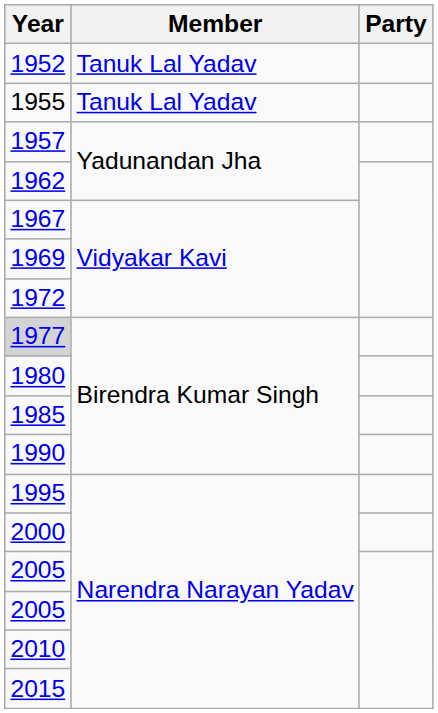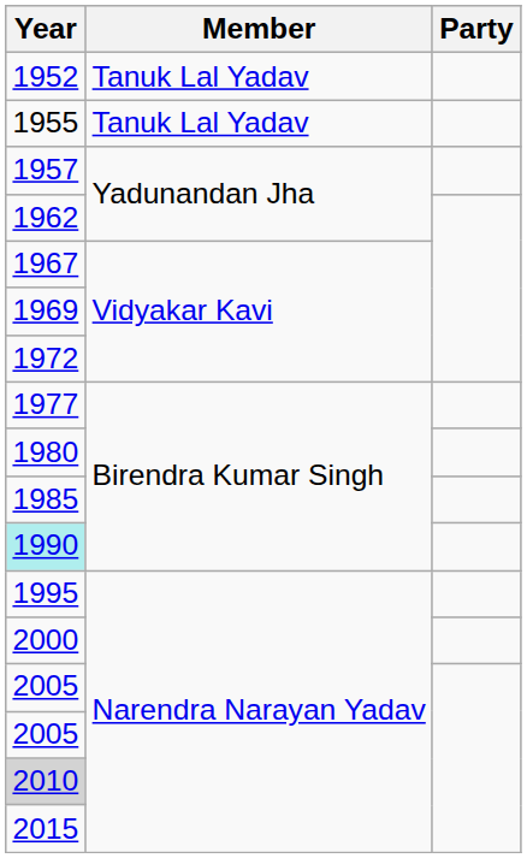 <table class="wikitable">
 <tr>
 <th>Year</th>
 <th>Member</th>
 <th colspan="2">Party</th>
 </tr>
 <tr>
 <td><a href='#'>1952</a></td>
 <td><a href='#'>Tanuk Lal Yadav</a></td>
 <td></td>
 </tr>
 <tr>
 <td>1955</td>
 <td><a href='#'>Tanuk Lal Yadav</a></td>
 </tr>
 <tr>
 <td><a href='#'>1957</a></td>
 <td rowspan="2">Yadunandan Jha</td>
 <td></td>
 </tr>
 <tr>
 <td><a href='#'>1962</a></td>
 </tr>
 <tr>
 <td><a href='#'>1967</a></td>
 <td rowspan="3"><a href='#'>Vidyakar Kavi</a></td>
 </tr>
 <tr>
 <td><a href='#'>1969</a></td>
 </tr>
 <tr>
 <td><a href='#'>1972</a></td>
 </tr>
 <tr>
-<td style="background: lightgrey;"><a href='#'>1977</a></td>
+<td><a href='#'>1977</a></td>
 <td rowspan="4">Birendra Kumar Singh</td>
 <td></td>
 </tr>
 <tr>
 <td><a href='#'>1980</a></td>
 <td></td>
 </tr>
 <tr>
 <td><a href='#'>1985</a></td>
 <td></td>
 </tr>
 <tr>
-<td><a href='#'>1990</a></td>
+<td style="background: paleturquoise;"><a href='#'>1990</a></td>
 <td></td>
 </tr>
 <tr>
 <td><a href='#'>1995</a></td>
 <td rowspan="6"><a href='#'>Narendra Narayan Yadav</a></td>
 </tr>
 <tr>
 <td><a href='#'>2000</a></td>
 <td></td>
 </tr>
 <tr>
 <td><a href='#'>2005</a></td>
 </tr>
 <tr>
 <td><a href='#'>2005</a></td>
 </tr>
 <tr>
-<td><a href='#'>2010</a></td>
+<td style="background: lightgrey;"><a href='#'>2010</a></td>
 </tr>
 <tr>
 <td><a href='#'>2015</a></td>
 </tr>
 </table>
